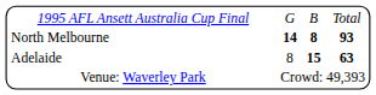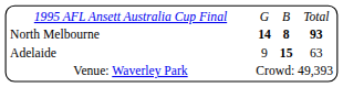 <table style="margin-right:4px; margin-top:8px; float:right; border:1px #000000 solid; border-radius:8px; background:#FFFFFF; font-family:Verdana; font-size:8pt; text-align:center;">
 <tr>
 <td width=200><em><a href='#'>1995 AFL Ansett Australia Cup Final</a></em></td>
 <td><em>G</em></td>
 <td><em>B</em></td>
 <td><em>Total</em></td>
 </tr>
 <tr>
 <td style="text-align:left"> North Melbourne</td>
 <td><strong>14</strong></td>
 <td><strong>8</strong></td>
 <td><strong>93</strong></td>
 </tr>
 <tr>
 <td style="text-align:left"> Adelaide</td>
-<td>8</td>
+<td>9</td>
 <td><strong>15</strong></td>
-<td><strong>63</strong></td>
+<td>63</td>
 </tr>
 <tr>
 <td>Venue: <a href='#'>Waverley Park</a></td>
 <td colspan="3">Crowd: 49,393</td>
 </tr>
 </table>
